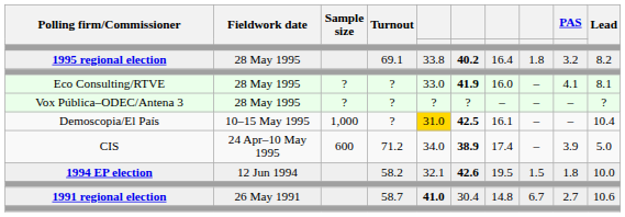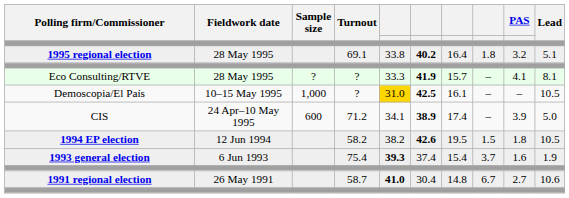 <table class="wikitable collapsible collapsed" style="text-align:center; font-size:95%; line-height:16px;">
 <tr style="height:42px;">
 <th style="width:250px;" rowspan="2">Polling firm/Commissioner</th>
 <th style="width:125px;" rowspan="2">Fieldwork date</th>
 <th style="width:50px;" rowspan="2">Sample size</th>
 <th style="width:45px;" rowspan="2">Turnout</th>
 <th style="width:35px;"></th>
 <th style="width:35px;"></th>
 <th style="width:35px;"></th>
 <th style="width:35px;"></th>
 <th style="width:35px;"><a href='#'>PAS</a></th>
 <th style="width:30px;" rowspan="2">Lead</th>
 </tr>
 <tr>
 <th style="color:inherit;background:"></th>
 <th style="color:inherit;background:"></th>
 <th style="color:inherit;background:"></th>
 <th style="color:inherit;background:"></th>
 <th style="color:inherit;background:"></th>
 </tr>
 <tr>
 <td colspan="10" style="background:#A0A0A0"></td>
 </tr>
 <tr style="background:#EFEFEF;">
 <td><strong><a href='#'>1995 regional election</a></strong></td>
 <td>28 May 1995</td>
 <td></td>
 <td>69.1</td>
 <td>33.8<br></td>
 <td><strong>40.2</strong><br></td>
 <td>16.4<br></td>
 <td>1.8<br></td>
 <td>3.2<br></td>
-<td style="background:">8.2</td>
+<td style="background:">5.1</td>
 </tr>
 <tr>
 <td colspan="10" style="background:#A0A0A0"></td>
 </tr>
 <tr style="background:#EAFFEA;">
 <td>Eco Consulting/RTVE</td>
 <td>28 May 1995</td>
 <td>?</td>
 <td>?</td>
-<td>33.0<br></td>
+<td>33.3<br></td>
 <td><strong>41.9</strong><br></td>
-<td>16.0<br></td>
+<td>15.7<br></td>
 <td>–</td>
 <td>4.1<br></td>
 <td style="background:">8.1</td>
-</tr>
-<tr style="background:#EAFFEA;">
-<td>Vox Pública–ODEC/Antena 3</td>
-<td>28 May 1995</td>
-<td>?</td>
-<td>?</td>
-<td>?<br></td>
-<td>?<br></td>
-<td>–</td>
-<td>–</td>
-<td>–</td>
-<td style="background:">?</td>
 </tr>
 <tr>
 <td>Demoscopia/El País</td>
 <td>10–15 May 1995</td>
 <td>1,000</td>
 <td>?</td>
 <td style="background: gold;">31.0<br></td>
 <td><strong>42.5</strong><br></td>
 <td>16.1<br></td>
 <td>–</td>
 <td>–</td>
-<td style="background:">10.4</td>
+<td style="background:">10.5</td>
 </tr>
 <tr>
 <td>CIS</td>
 <td>24 Apr–10 May 1995</td>
 <td>600</td>
 <td>71.2</td>
-<td>34.0</td>
+<td>34.1</td>
 <td><strong>38.9</strong></td>
 <td>17.4</td>
 <td>–</td>
 <td>3.9</td>
 <td style="background:">5.0</td>
 </tr>
 <tr style="background:#EFEFEF;">
 <td><strong><a href='#'>1994 EP election</a></strong></td>
 <td>12 Jun 1994</td>
 <td></td>
 <td>58.2</td>
-<td>32.1</td>
+<td>38.2</td>
 <td><strong>42.6</strong></td>
 <td>19.5</td>
 <td>1.5</td>
 <td>1.8</td>
-<td style="background:">10.0</td>
+<td style="background:">10.5</td>
+</tr>
+<tr style="background:#EFEFEF;">
+<td><strong><a href='#'>1993 general election</a></strong></td>
+<td>6 Jun 1993</td>
+<td></td>
+<td>75.4</td>
+<td><strong>39.3</strong></td>
+<td>37.4</td>
+<td>15.4</td>
+<td>3.7</td>
+<td>1.6</td>
+<td style="background:">1.9</td>
 </tr>
 <tr>
 <td colspan="10" style="background:#A0A0A0"></td>
 </tr>
 <tr style="background:#EFEFEF;">
 <td><strong><a href='#'>1991 regional election</a></strong></td>
 <td>26 May 1991</td>
 <td></td>
 <td>58.7</td>
 <td><strong>41.0</strong><br></td>
 <td>30.4<br></td>
 <td>14.8<br></td>
 <td>6.7<br></td>
 <td>2.7<br></td>
 <td style="background:">10.6</td>
 </tr>
 <tr>
 <td colspan="10" style="background:#A0A0A0"></td>
 </tr>
 </table>
